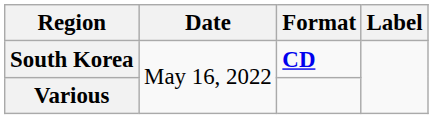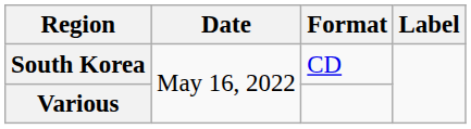 <table class="wikitable plainrowheaders">
 <tr>
 <th scope="col">Region</th>
 <th scope="col">Date</th>
 <th scope="col">Format</th>
 <th scope="col">Label</th>
 </tr>
 <tr>
 <th scope="row">South Korea</th>
 <td rowspan="2">May 16, 2022</td>
-<td><strong><a href='#'>CD</a></strong></td>
+<td><a href='#'>CD</a></td>
 <td rowspan="2"></td>
 </tr>
 <tr>
 <th scope="row">Various </th>
 <td></td>
 </tr>
 </table>
